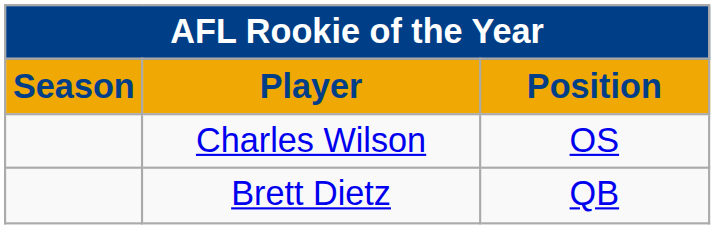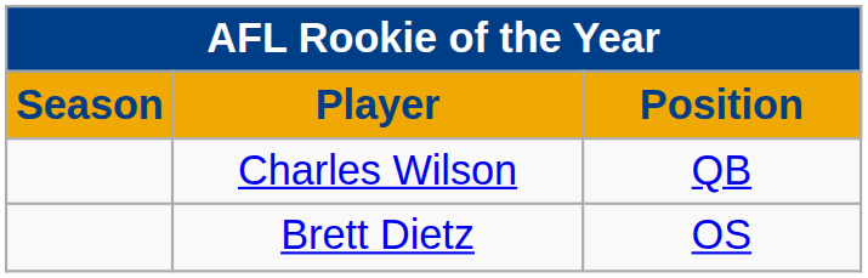 <table class="wikitable sortable" style="text-align:center">
 <tr>
 <td colspan="4" style="background:#003F87; color:#FFFFFF;"><strong>AFL Rookie of the Year</strong></td>
 </tr>
 <tr>
 <th style="width:50px; background:#F0A804; color:#003F87;">Season</th>
 <th style="width:150px; background:#F0A804; color:#003F87;">Player</th>
 <th style="width:100px; background:#F0A804; color:#003F87;">Position</th>
 </tr>
 <tr>
 <td></td>
 <td><a href='#'>Charles Wilson</a></td>
-<td><a href='#'>OS</a></td>
+<td><a href='#'>QB</a></td>
 </tr>
 <tr>
 <td></td>
 <td><a href='#'>Brett Dietz</a></td>
-<td><a href='#'>QB</a></td>
+<td><a href='#'>OS</a></td>
 </tr>
 </table>
